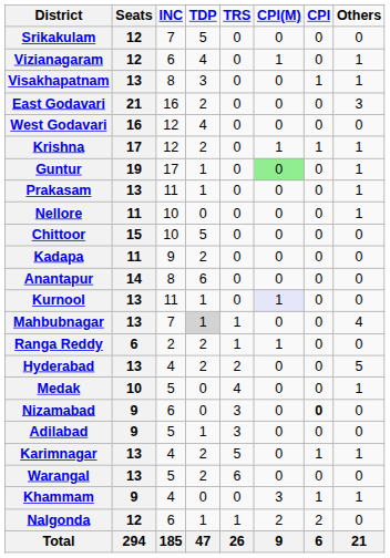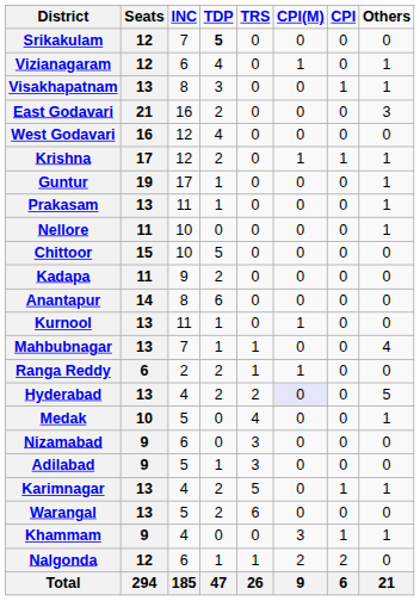 <table class="wikitable sortable" style="text-align:center;">
 <tr>
 <th>District</th>
 <th>Seats</th>
 <td><a href='#'><span><strong>INC</strong></span></a></td>
 <td><a href='#'><span><strong>TDP</strong></span></a></td>
 <td><a href='#'><span><strong>TRS</strong></span></a></td>
 <td><a href='#'><span><strong>CPI(M)</strong></span></a></td>
 <td><a href='#'><span><strong>CPI</strong></span></a></td>
 <td><span><strong>Others</strong></span></td>
 </tr>
 <tr>
 <th><a href='#'>Srikakulam</a></th>
 <th>12</th>
 <td style="background:">7</td>
-<td>5</td>
+<td><strong>5</strong></td>
 <td>0</td>
 <td>0</td>
 <td>0</td>
 <td>0</td>
 </tr>
 <tr>
 <th><a href='#'>Vizianagaram</a></th>
 <th>12</th>
 <td style="background:">6</td>
 <td>4</td>
 <td>0</td>
 <td>1</td>
 <td>0</td>
 <td>1</td>
 </tr>
 <tr>
 <th><a href='#'>Visakhapatnam</a></th>
 <th>13</th>
 <td style="background:">8</td>
 <td>3</td>
 <td>0</td>
 <td>0</td>
 <td>1</td>
 <td>1</td>
 </tr>
 <tr>
 <th><a href='#'>East Godavari</a></th>
 <th>21</th>
 <td style="background:">16</td>
 <td>2</td>
 <td>0</td>
 <td>0</td>
 <td>0</td>
 <td>3</td>
 </tr>
 <tr>
 <th><a href='#'>West Godavari</a></th>
 <th>16</th>
 <td style="background:">12</td>
 <td>4</td>
 <td>0</td>
 <td>0</td>
 <td>0</td>
 <td>0</td>
 </tr>
 <tr>
 <th><a href='#'>Krishna</a></th>
 <th>17</th>
 <td style="background:">12</td>
 <td>2</td>
 <td>0</td>
 <td>1</td>
 <td>1</td>
 <td>1</td>
 </tr>
 <tr>
 <th><a href='#'>Guntur</a></th>
 <th>19</th>
 <td style="background:">17</td>
 <td>1</td>
 <td>0</td>
-<td style="background: lightgreen;">0</td>
+<td>0</td>
 <td>0</td>
 <td>1</td>
 </tr>
 <tr>
 <th><a href='#'>Prakasam</a></th>
 <th>13</th>
 <td style="background:">11</td>
 <td>1</td>
 <td>0</td>
 <td>0</td>
 <td>0</td>
 <td>1</td>
 </tr>
 <tr>
 <th><a href='#'>Nellore</a></th>
 <th>11</th>
 <td style="background:">10</td>
 <td>0</td>
 <td>0</td>
 <td>0</td>
 <td>0</td>
 <td>1</td>
 </tr>
 <tr>
 <th><a href='#'>Chittoor</a></th>
 <th>15</th>
 <td style="background:">10</td>
 <td>5</td>
 <td>0</td>
 <td>0</td>
 <td>0</td>
 <td>0</td>
 </tr>
 <tr>
 <th><a href='#'>Kadapa</a></th>
 <th>11</th>
 <td style="background:">9</td>
 <td>2</td>
 <td>0</td>
 <td>0</td>
 <td>0</td>
 <td>0</td>
 </tr>
 <tr>
 <th><a href='#'>Anantapur</a></th>
 <th>14</th>
 <td style="background:">8</td>
 <td>6</td>
 <td>0</td>
 <td>0</td>
 <td>0</td>
 <td>0</td>
 </tr>
 <tr>
 <th><a href='#'>Kurnool</a></th>
 <th>13</th>
 <td style="background:">11</td>
 <td>1</td>
 <td>0</td>
-<td style="background: lavender;">1</td>
+<td>1</td>
 <td>0</td>
 <td>0</td>
 </tr>
 <tr>
 <th><a href='#'>Mahbubnagar</a></th>
 <th>13</th>
 <td style="background:">7</td>
-<td style="background: lightgrey;">1</td>
+<td>1</td>
 <td>1</td>
 <td>0</td>
 <td>0</td>
 <td>4</td>
 </tr>
 <tr>
 <th><a href='#'>Ranga Reddy</a></th>
 <th>6</th>
 <td>2</td>
 <td>2</td>
 <td>1</td>
 <td>1</td>
 <td>0</td>
 <td>0</td>
 </tr>
 <tr>
 <th><a href='#'>Hyderabad</a></th>
 <th>13</th>
 <td>4</td>
 <td>2</td>
 <td>2</td>
-<td>0</td>
+<td style="background: lavender;">0</td>
 <td>0</td>
 <td>5</td>
 </tr>
 <tr>
 <th><a href='#'>Medak</a></th>
 <th>10</th>
 <td style="background:">5</td>
 <td>0</td>
 <td>4</td>
 <td>0</td>
 <td>0</td>
 <td>1</td>
 </tr>
 <tr>
 <th><a href='#'>Nizamabad</a></th>
 <th>9</th>
 <td style="background:">6</td>
 <td>0</td>
 <td>3</td>
 <td>0</td>
-<td><strong>0</strong></td>
+<td>0</td>
 <td>0</td>
 </tr>
 <tr>
 <th><a href='#'>Adilabad</a></th>
 <th>9</th>
 <td style="background:">5</td>
 <td>1</td>
 <td>3</td>
 <td>0</td>
 <td>0</td>
 <td>0</td>
 </tr>
 <tr>
 <th><a href='#'>Karimnagar</a></th>
 <th>13</th>
 <td style="background:">4</td>
 <td>2</td>
 <td>5</td>
 <td>0</td>
 <td>1</td>
 <td>1</td>
 </tr>
 <tr>
 <th><a href='#'>Warangal</a></th>
 <th>13</th>
 <td>5</td>
 <td>2</td>
 <td style="background:">6</td>
 <td>0</td>
 <td>0</td>
 <td>0</td>
 </tr>
 <tr>
 <th><a href='#'>Khammam</a></th>
 <th>9</th>
 <td style="background:">4</td>
 <td>0</td>
 <td>0</td>
 <td>3</td>
 <td>1</td>
 <td>1</td>
 </tr>
 <tr>
 <th><a href='#'>Nalgonda</a></th>
 <th>12</th>
 <td style="background:">6</td>
 <td>1</td>
 <td>1</td>
 <td>2</td>
 <td>2</td>
 <td>0</td>
 </tr>
 <tr>
 <th>Total</th>
 <th>294</th>
 <th>185</th>
 <th>47</th>
 <th>26</th>
 <th>9</th>
 <th>6</th>
 <th>21</th>
 </tr>
 </table>
